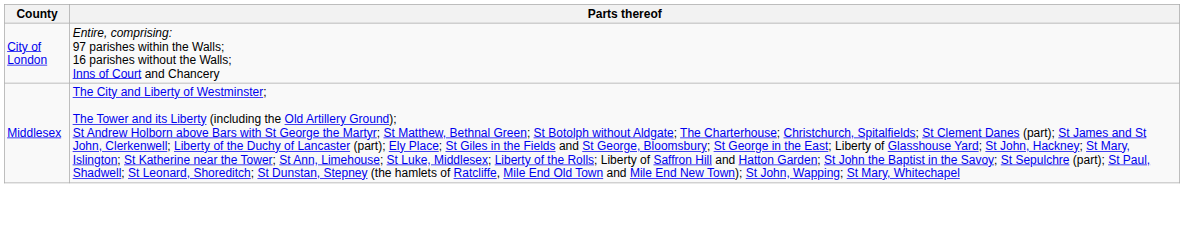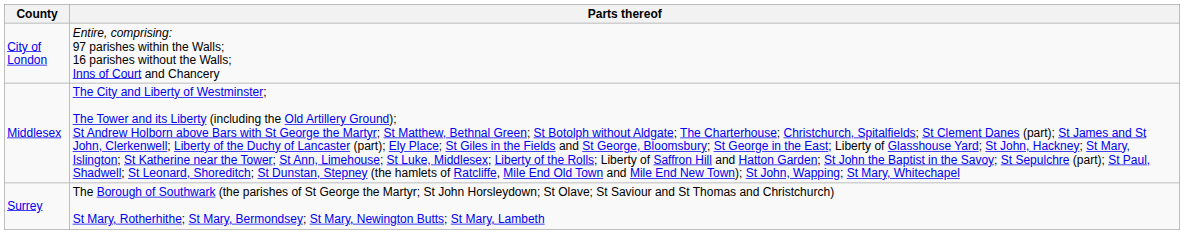 <table class="wikitable">
 <tr>
 <th>County</th>
 <th>Parts thereof</th>
 </tr>
 <tr>
 <td><a href='#'>City of London</a></td>
 <td><em>Entire, comprising:</em> <br>97 parishes within the Walls; <br>16 parishes without the Walls; <br><a href='#'>Inns of Court</a> and Chancery</td>
 </tr>
 <tr>
 <td><a href='#'>Middlesex</a></td>
 <td><a href='#'>The City and Liberty of Westminster</a>;<br><br><a href='#'>The Tower and its Liberty</a> (including the <a href='#'>Old Artillery Ground</a>);<br> <a href='#'>St Andrew Holborn above Bars with St George the Martyr</a>; <a href='#'>St Matthew, Bethnal Green</a>; <a href='#'>St Botolph without Aldgate</a>; <a href='#'>The Charterhouse</a>; <a href='#'>Christchurch, Spitalfields</a>; <a href='#'>St Clement Danes</a> (part); <a href='#'>St James and St John, Clerkenwell</a>; <a href='#'>Liberty of the Duchy of Lancaster</a> (part); <a href='#'>Ely Place</a>; <a href='#'>St Giles in the Fields</a> and <a href='#'>St George, Bloomsbury</a>; <a href='#'>St George in the East</a>; Liberty of <a href='#'>Glasshouse Yard</a>; <a href='#'>St John, Hackney</a>; <a href='#'>St Mary, Islington</a>; <a href='#'>St Katherine near the Tower</a>; <a href='#'>St Ann, Limehouse</a>; <a href='#'>St Luke, Middlesex</a>; <a href='#'>Liberty of the Rolls</a>; Liberty of <a href='#'>Saffron Hill</a> and <a href='#'>Hatton Garden</a>; <a href='#'>St John the Baptist in the Savoy</a>; <a href='#'>St Sepulchre</a> (part); <a href='#'>St Paul, Shadwell</a>; <a href='#'>St Leonard, Shoreditch</a>; <a href='#'>St Dunstan, Stepney</a> (the hamlets of <a href='#'>Ratcliffe</a>, <a href='#'>Mile End Old Town</a> and <a href='#'>Mile End New Town</a>); <a href='#'>St John, Wapping</a>; <a href='#'>St Mary, Whitechapel</a></td>
 </tr>
+<tr>
+<td><a href='#'>Surrey</a></td>
+<td>The <a href='#'>Borough of Southwark</a> (the parishes of St George the Martyr; St John Horsleydown; St Olave; St Saviour and St Thomas and Christchurch)<br><br><a href='#'>St Mary, Rotherhithe</a>; <a href='#'>St Mary, Bermondsey</a>; <a href='#'>St Mary, Newington Butts</a>; <a href='#'>St Mary, Lambeth</a></td>
+</tr>
 </table>
